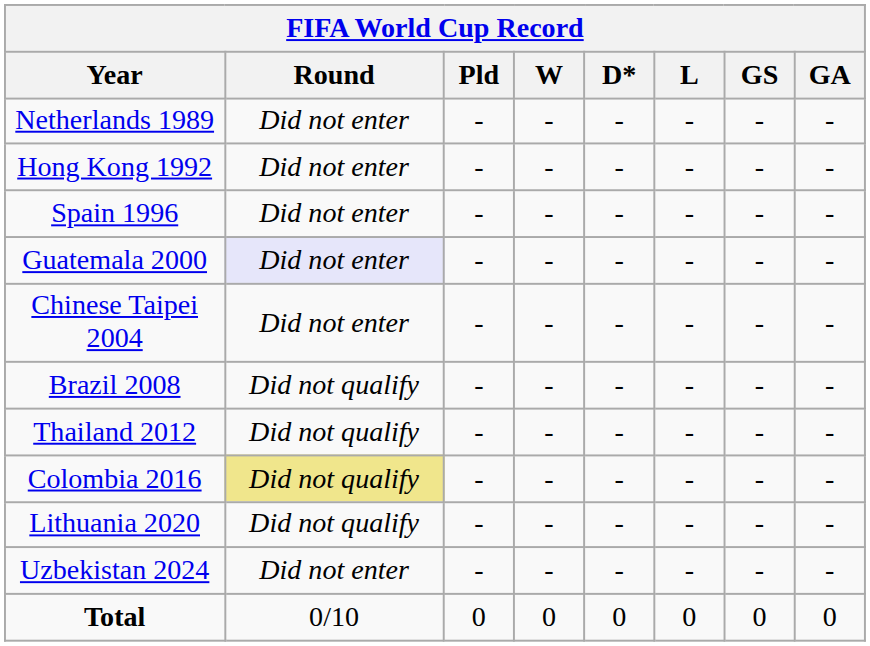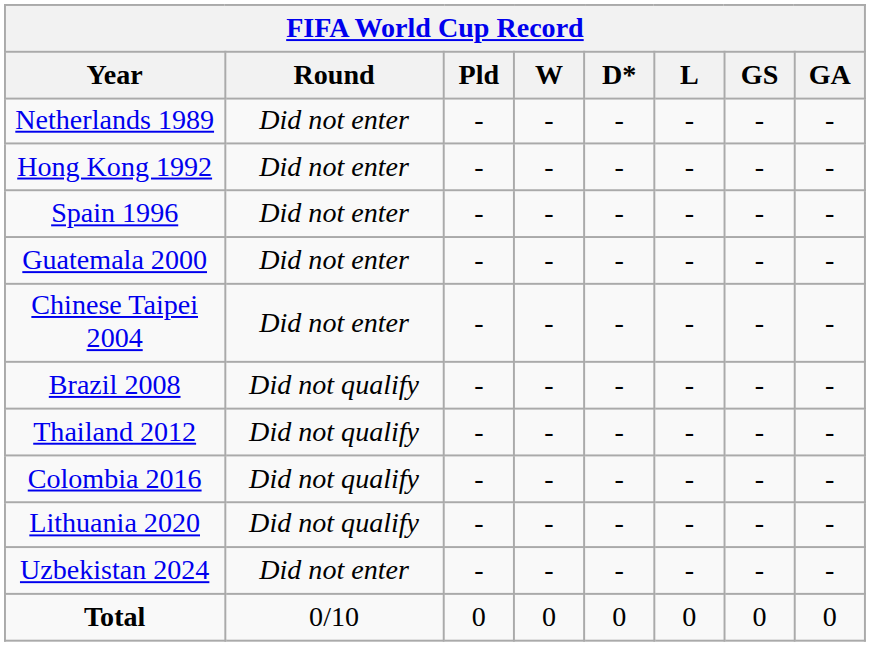 <table class="wikitable"  style="width:50%; text-align:center; font-size:90%;">
 <tr>
 <th colspan=8><a href='#'>FIFA World Cup Record</a></th>
 </tr>
 <tr>
 <th width=25%>Year</th>
 <th width=25%>Round</th>
 <th width=8%>Pld</th>
 <th width=8%>W</th>
 <th width=8%>D*</th>
 <th width=8%>L</th>
 <th width=8%>GS</th>
 <th width=8%>GA</th>
 </tr>
 <tr>
 <td><a href='#'>Netherlands 1989</a></td>
 <td><em>Did not enter</em></td>
 <td>-</td>
 <td>-</td>
 <td>-</td>
 <td>-</td>
 <td>-</td>
 <td>-</td>
 </tr>
 <tr>
 <td><a href='#'>Hong Kong 1992</a></td>
 <td><em>Did not enter</em></td>
 <td>-</td>
 <td>-</td>
 <td>-</td>
 <td>-</td>
 <td>-</td>
 <td>-</td>
 </tr>
 <tr>
 <td><a href='#'>Spain 1996</a></td>
 <td><em>Did not enter</em></td>
 <td>-</td>
 <td>-</td>
 <td>-</td>
 <td>-</td>
 <td>-</td>
 <td>-</td>
 </tr>
 <tr>
 <td><a href='#'>Guatemala 2000</a></td>
-<td style="background: lavender;"><em>Did not enter</em></td>
+<td><em>Did not enter</em></td>
 <td>-</td>
 <td>-</td>
 <td>-</td>
 <td>-</td>
 <td>-</td>
 <td>-</td>
 </tr>
 <tr>
 <td><a href='#'>Chinese Taipei 2004</a></td>
 <td><em>Did not enter</em></td>
 <td>-</td>
 <td>-</td>
 <td>-</td>
 <td>-</td>
 <td>-</td>
 <td>-</td>
 </tr>
 <tr>
 <td><a href='#'>Brazil 2008</a></td>
 <td><em>Did not qualify</em></td>
 <td>-</td>
 <td>-</td>
 <td>-</td>
 <td>-</td>
 <td>-</td>
 <td>-</td>
 </tr>
 <tr>
 <td><a href='#'>Thailand 2012</a></td>
 <td><em>Did not qualify</em></td>
 <td>-</td>
 <td>-</td>
 <td>-</td>
 <td>-</td>
 <td>-</td>
 <td>-</td>
 </tr>
 <tr>
 <td><a href='#'>Colombia 2016</a></td>
-<td style="background: khaki;"><em>Did not qualify</em></td>
+<td><em>Did not qualify</em></td>
 <td>-</td>
 <td>-</td>
 <td>-</td>
 <td>-</td>
 <td>-</td>
 <td>-</td>
 </tr>
 <tr>
 <td><a href='#'>Lithuania 2020</a></td>
 <td><em>Did not qualify</em></td>
 <td>-</td>
 <td>-</td>
 <td>-</td>
 <td>-</td>
 <td>-</td>
 <td>-</td>
 </tr>
 <tr>
 <td><a href='#'>Uzbekistan 2024</a></td>
 <td><em>Did not enter</em></td>
 <td>-</td>
 <td>-</td>
 <td>-</td>
 <td>-</td>
 <td>-</td>
 <td>-</td>
 </tr>
 <tr>
 <td><strong>Total</strong></td>
 <td>0/10</td>
 <td>0</td>
 <td>0</td>
 <td>0</td>
 <td>0</td>
 <td>0</td>
 <td>0</td>
 </tr>
 </table>
